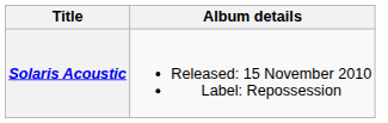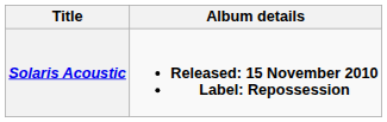 <table class="wikitable plainrowheaders" style="text-align:center;">
 <tr>
 <th scope="col">Title</th>
 <th scope="col">Album details</th>
 </tr>
 <tr>
 <th scope="row"><em><a href='#'>Solaris Acoustic</a></em></th>
-<td><br><ul><li>Released: 15 November 2010</li><li>Label: Repossession</li></ul></td>
+<td><strong><br><ul><li>Released: 15 November 2010</li><li>Label: Repossession</li></ul></strong></td>
 </tr>
 </table>
